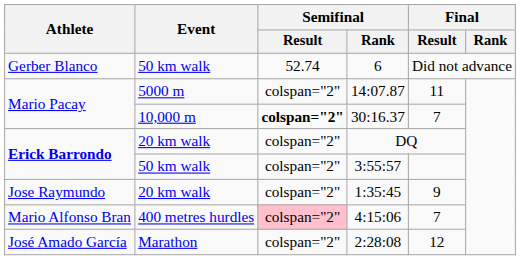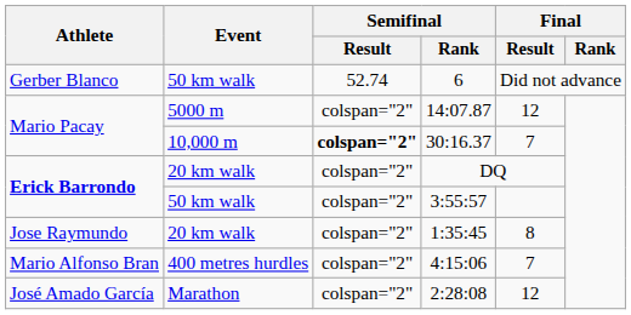 <table class=wikitable style="font-size:90%">
 <tr>
 <th rowspan="2">Athlete</th>
 <th rowspan="2">Event</th>
 <th colspan="2">Semifinal</th>
 <th colspan="2">Final</th>
 </tr>
 <tr style="font-size:95%">
 <th>Result</th>
 <th>Rank</th>
 <th>Result</th>
 <th>Rank</th>
 </tr>
 <tr align=center>
 <td align=left><a href='#'>Gerber Blanco</a></td>
 <td align=left><a href='#'>50 km walk</a></td>
 <td>52.74</td>
 <td>6</td>
 <td colspan="2">Did not advance</td>
 </tr>
 <tr align=center>
 <td align=left rowspan="2"><a href='#'>Mario Pacay</a></td>
 <td align=left><a href='#'>5000 m</a></td>
 <td>colspan="2" </td>
 <td>14:07.87</td>
-<td>11</td>
+<td>12</td>
 </tr>
 <tr align=center>
 <td align=left><a href='#'>10,000 m</a></td>
 <td><strong>colspan="2" </strong></td>
 <td>30:16.37</td>
 <td>7</td>
 </tr>
 <tr align=center>
 <td align=left rowspan="2"><strong><a href='#'>Erick Barrondo</a></strong></td>
 <td align=left><a href='#'>20 km walk</a></td>
 <td>colspan="2" </td>
 <td colspan="2">DQ</td>
 </tr>
 <tr align=center>
 <td align=left><a href='#'>50 km walk</a></td>
 <td>colspan="2" </td>
 <td>3:55:57</td>
 <td></td>
 </tr>
 <tr align=center>
 <td align=left><a href='#'>Jose Raymundo</a></td>
 <td align=left><a href='#'>20 km walk</a></td>
 <td>colspan="2" </td>
 <td>1:35:45</td>
-<td>9</td>
+<td>8</td>
 </tr>
 <tr align=center>
 <td align=left><a href='#'>Mario Alfonso Bran</a></td>
 <td align=left><a href='#'>400 metres hurdles</a></td>
-<td style="background: pink;">colspan="2" </td>
+<td>colspan="2" </td>
 <td>4:15:06</td>
 <td>7</td>
 </tr>
 <tr align=center>
 <td align=left><a href='#'>José Amado García</a></td>
 <td align=left><a href='#'>Marathon</a></td>
 <td>colspan="2" </td>
 <td>2:28:08</td>
 <td>12</td>
 </tr>
 </table>
